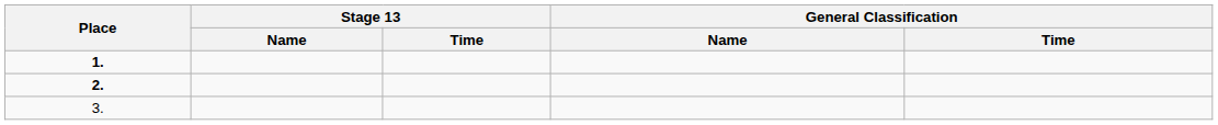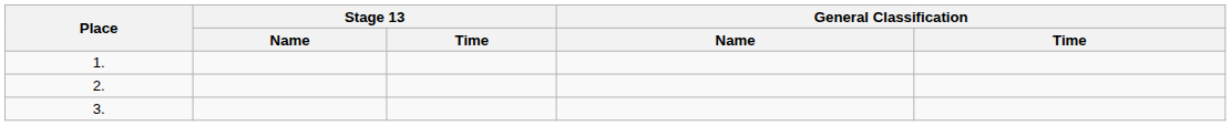 <table class=wikitable style="font-size:95%" width="80%">
 <tr>
 <th rowspan="2">Place</th>
 <th colspan="2">Stage 13</th>
 <th colspan="2">General Classification</th>
 </tr>
 <tr>
 <th>Name</th>
 <th>Time</th>
 <th>Name</th>
 <th>Time</th>
 </tr>
 <tr>
-<td align="center"><strong>1.</strong></td>
+<td align="center">1.</td>
 <td></td>
 <td></td>
 <td></td>
 <td></td>
 </tr>
 <tr>
-<td align="center"><strong>2.</strong></td>
+<td align="center">2.</td>
 <td></td>
 <td></td>
 <td></td>
 <td></td>
 </tr>
 <tr>
 <td align="center">3.</td>
 <td></td>
 <td></td>
 <td></td>
 <td></td>
 </tr>
 </table>
